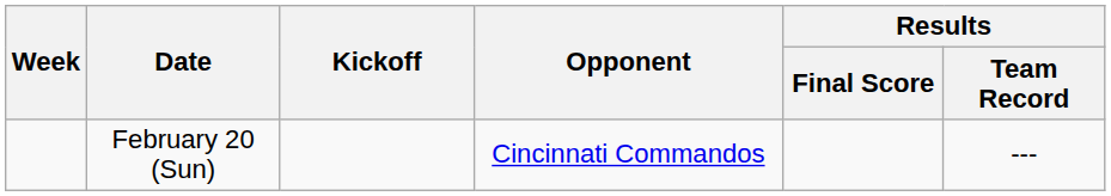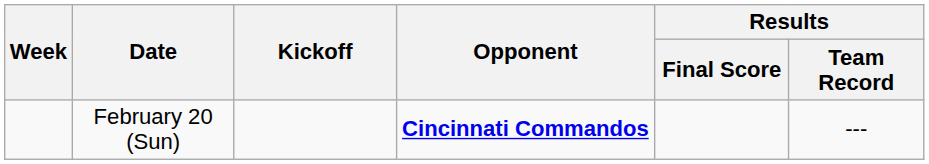 <table class="wikitable">
 <tr>
 <th rowspan="2" width="40">Week</th>
 <th rowspan="2" width="110">Date</th>
 <th rowspan="2" width="110">Kickoff</th>
 <th rowspan="2" width="180">Opponent</th>
 <th colspan="2" width="180">Results</th>
 </tr>
 <tr>
 <th width="90">Final Score</th>
 <th width="90">Team Record</th>
 </tr>
 <tr>
 <td align="center"></td>
 <td align="center">February 20 (Sun)</td>
 <td align="center"></td>
-<td align="center"><a href='#'>Cincinnati Commandos</a></td>
+<td align="center"><strong><a href='#'>Cincinnati Commandos</a></strong></td>
 <td align="center"></td>
 <td align="center">---</td>
 </tr>
 </table>
